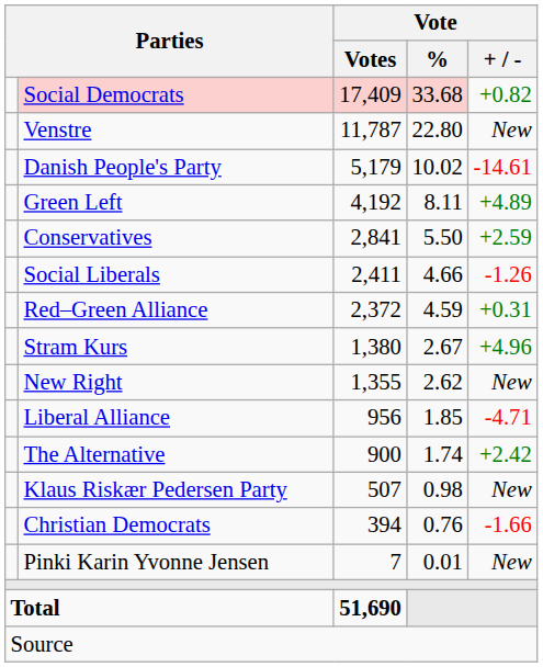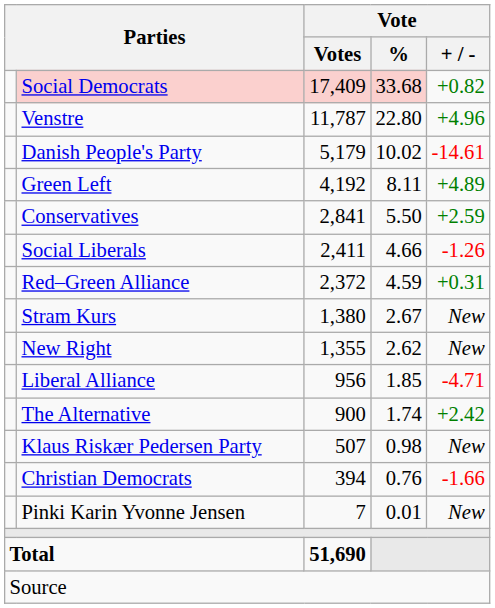 <table class="wikitable" style="text-align:right;">
 <tr>
 <th style="text-align:centre;" rowspan="2" colspan="2" width="225">Parties</th>
 <th colspan="3">Vote</th>
 </tr>
 <tr>
 <th width="15">Votes</th>
 <th width="15">%</th>
 <th width="15">+ / -</th>
 </tr>
 <tr>
 <td width="2" style="color:inherit;background:"></td>
 <td bgcolor=#fbd0ce  align="left"><a href='#'>Social Democrats</a></td>
 <td bgcolor=#fbd0ce>17,409</td>
 <td bgcolor=#fbd0ce>33.68</td>
 <td style=color:green;>+0.82</td>
 </tr>
 <tr>
 <td width="2" style="color:inherit;background:"></td>
 <td align="left"><a href='#'>Venstre</a></td>
 <td>11,787</td>
 <td>22.80</td>
-<td><em>New</em></td>
+<td style=color:green;>+4.96</td>
 </tr>
 <tr>
 <td width="2" style="color:inherit;background:"></td>
 <td align="left"><a href='#'>Danish People's Party</a></td>
 <td>5,179</td>
 <td>10.02</td>
 <td style=color:red;>-14.61</td>
 </tr>
 <tr>
 <td width="2" style="color:inherit;background:"></td>
 <td align="left"><a href='#'>Green Left</a></td>
 <td>4,192</td>
 <td>8.11</td>
 <td style=color:green;>+4.89</td>
 </tr>
 <tr>
 <td width="2" style="color:inherit;background:"></td>
 <td align="left"><a href='#'>Conservatives</a></td>
 <td>2,841</td>
 <td>5.50</td>
 <td style=color:green;>+2.59</td>
 </tr>
 <tr>
 <td width="2" style="color:inherit;background:"></td>
 <td align="left"><a href='#'>Social Liberals</a></td>
 <td>2,411</td>
 <td>4.66</td>
 <td style=color:red;>-1.26</td>
 </tr>
 <tr>
 <td width="2" style="color:inherit;background:"></td>
 <td align="left"><a href='#'>Red–Green Alliance</a></td>
 <td>2,372</td>
 <td>4.59</td>
 <td style=color:green;>+0.31</td>
 </tr>
 <tr>
 <td width="2" style="color:inherit;background:"></td>
 <td align="left"><a href='#'>Stram Kurs</a></td>
 <td>1,380</td>
 <td>2.67</td>
-<td style=color:green;>+4.96</td>
+<td><em>New</em></td>
 </tr>
 <tr>
 <td width="2" style="color:inherit;background:"></td>
 <td align="left"><a href='#'>New Right</a></td>
 <td>1,355</td>
 <td>2.62</td>
 <td><em>New</em></td>
 </tr>
 <tr>
 <td width="2" style="color:inherit;background:"></td>
 <td align="left"><a href='#'>Liberal Alliance</a></td>
 <td>956</td>
 <td>1.85</td>
 <td style=color:red;>-4.71</td>
 </tr>
 <tr>
 <td width="2" style="color:inherit;background:"></td>
 <td align="left"><a href='#'>The Alternative</a></td>
 <td>900</td>
 <td>1.74</td>
 <td style=color:green;>+2.42</td>
 </tr>
 <tr>
 <td width="2" style="color:inherit;background:"></td>
 <td align="left"><a href='#'>Klaus Riskær Pedersen Party</a></td>
 <td>507</td>
 <td>0.98</td>
 <td><em>New</em></td>
 </tr>
 <tr>
 <td width="2" style="color:inherit;background:"></td>
 <td align="left"><a href='#'>Christian Democrats</a></td>
 <td>394</td>
 <td>0.76</td>
 <td style=color:red;>-1.66</td>
 </tr>
 <tr>
 <td width="2" style="color:inherit;background:"></td>
 <td align="left">Pinki Karin Yvonne Jensen</td>
 <td>7</td>
 <td>0.01</td>
 <td><em>New</em></td>
 </tr>
 <tr>
 <td colspan="7" bgcolor="#E9E9E9"></td>
 </tr>
 <tr>
 <td align="left" colspan="2"><strong>Total</strong></td>
 <td><strong>51,690</strong></td>
 <td bgcolor="#E9E9E9" colspan="2"></td>
 </tr>
 <tr>
 <td align="left" colspan="6">Source</td>
 </tr>
 </table>
